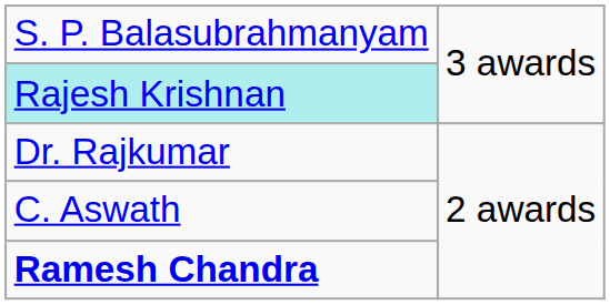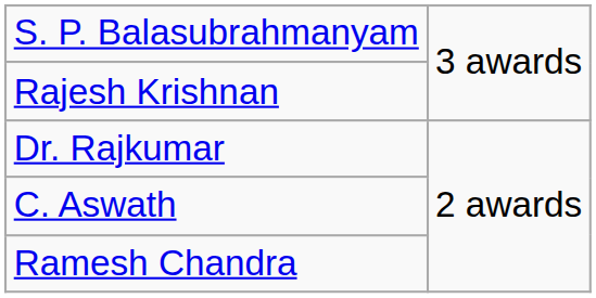 <table class="wikitable">
 <tr>
 <td><a href='#'>S. P. Balasubrahmanyam</a></td>
 <td rowspan=2>3 awards</td>
 </tr>
 <tr>
-<td style="background: paleturquoise;"><a href='#'>Rajesh Krishnan</a></td>
+<td><a href='#'>Rajesh Krishnan</a></td>
 </tr>
 <tr>
 <td><a href='#'>Dr. Rajkumar</a></td>
 <td rowspan=3>2 awards</td>
 </tr>
 <tr>
 <td><a href='#'>C. Aswath</a></td>
 </tr>
 <tr>
-<td><strong><a href='#'>Ramesh Chandra</a></strong></td>
+<td><a href='#'>Ramesh Chandra</a></td>
 </tr>
 </table>
